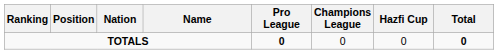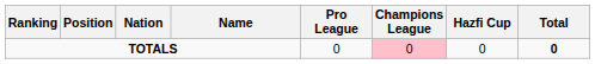 <table class="wikitable" style="font-size: 95%; text-align: center;">
 <tr>
 <th width=60>Ranking</th>
 <th width=60>Position</th>
 <th width=60>Nation</th>
 <th width=150>Name</th>
 <th width=80>Pro League</th>
 <th width=80>Champions League</th>
 <th width=80>Hazfi Cup</th>
 <th width=80>Total</th>
 </tr>
 <tr>
 <td colspan="4"><strong>TOTALS</strong></td>
-<td><strong>0</strong></td>
 <td>0</td>
+<td style="background: pink;">0</td>
 <td>0</td>
 <td><strong>0</strong></td>
 </tr>
 </table>
